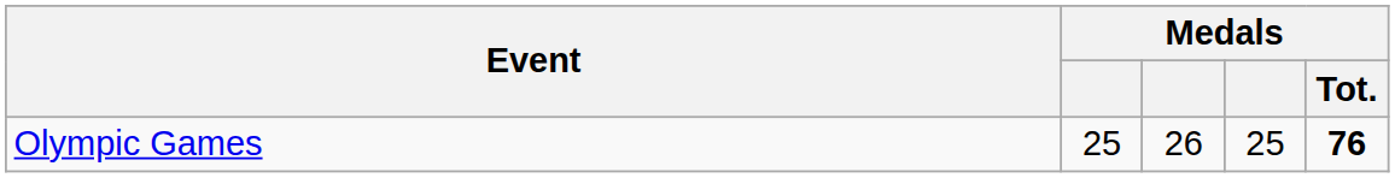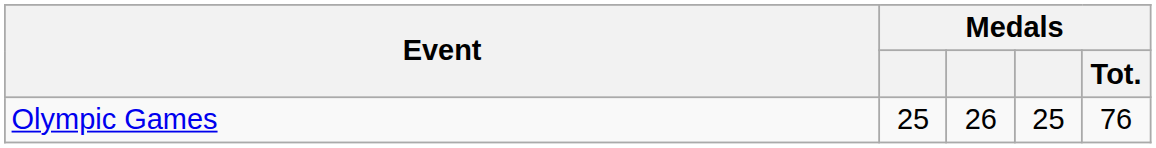 <table class="wikitable" width=40% style="font-size:100%; text-align:center;">
 <tr>
 <th rowspan=2>Event</th>
 <th colspan=4>Medals</th>
 </tr>
 <tr>
 <th width=30></th>
 <th width=30></th>
 <th width=30></th>
 <th width=30>Tot.</th>
 </tr>
 <tr>
 <td align=left><a href='#'>Olympic Games</a></td>
 <td>25</td>
 <td>26</td>
 <td>25</td>
-<td><strong>76</strong></td>
+<td>76</td>
 </tr>
 </table>
